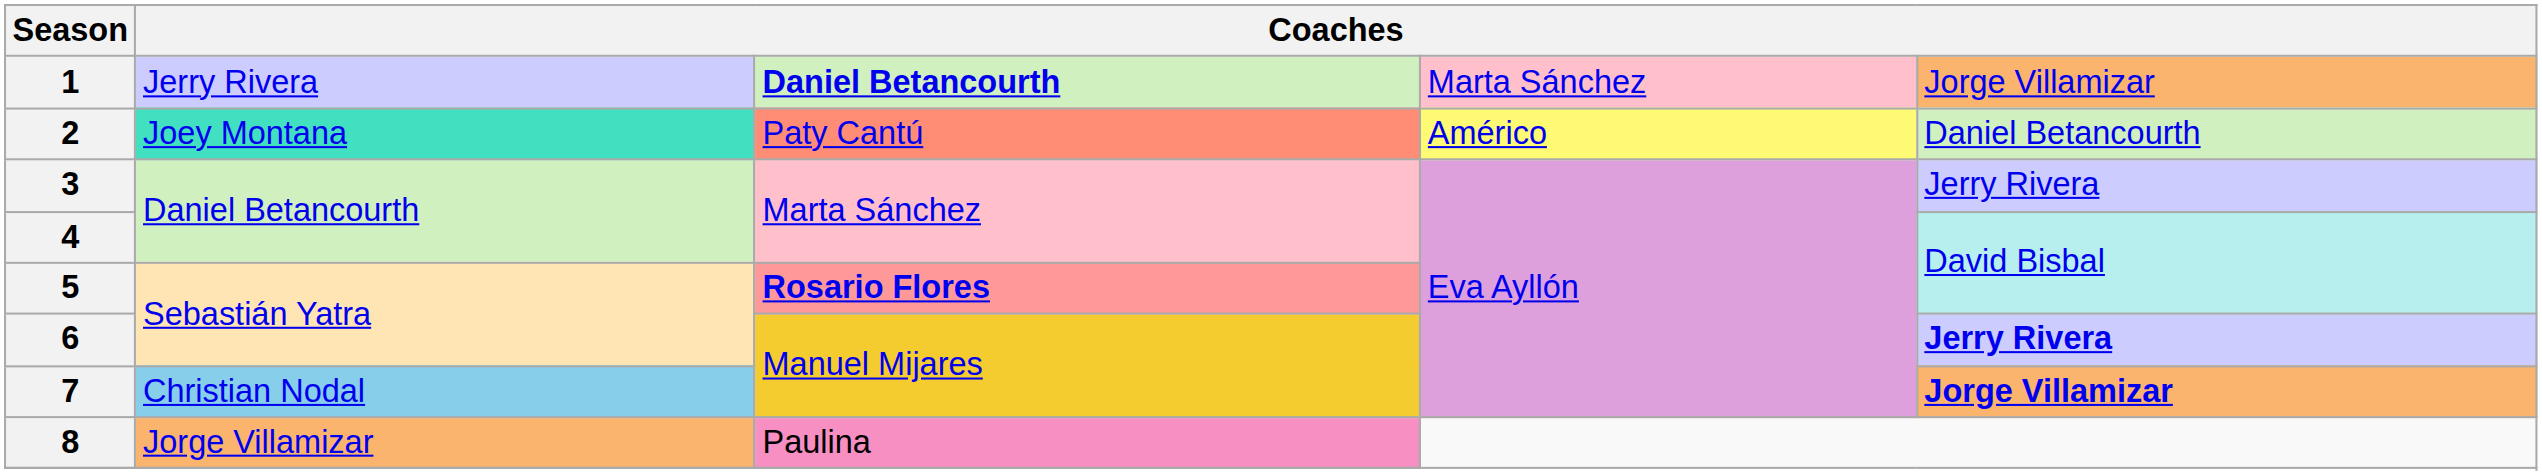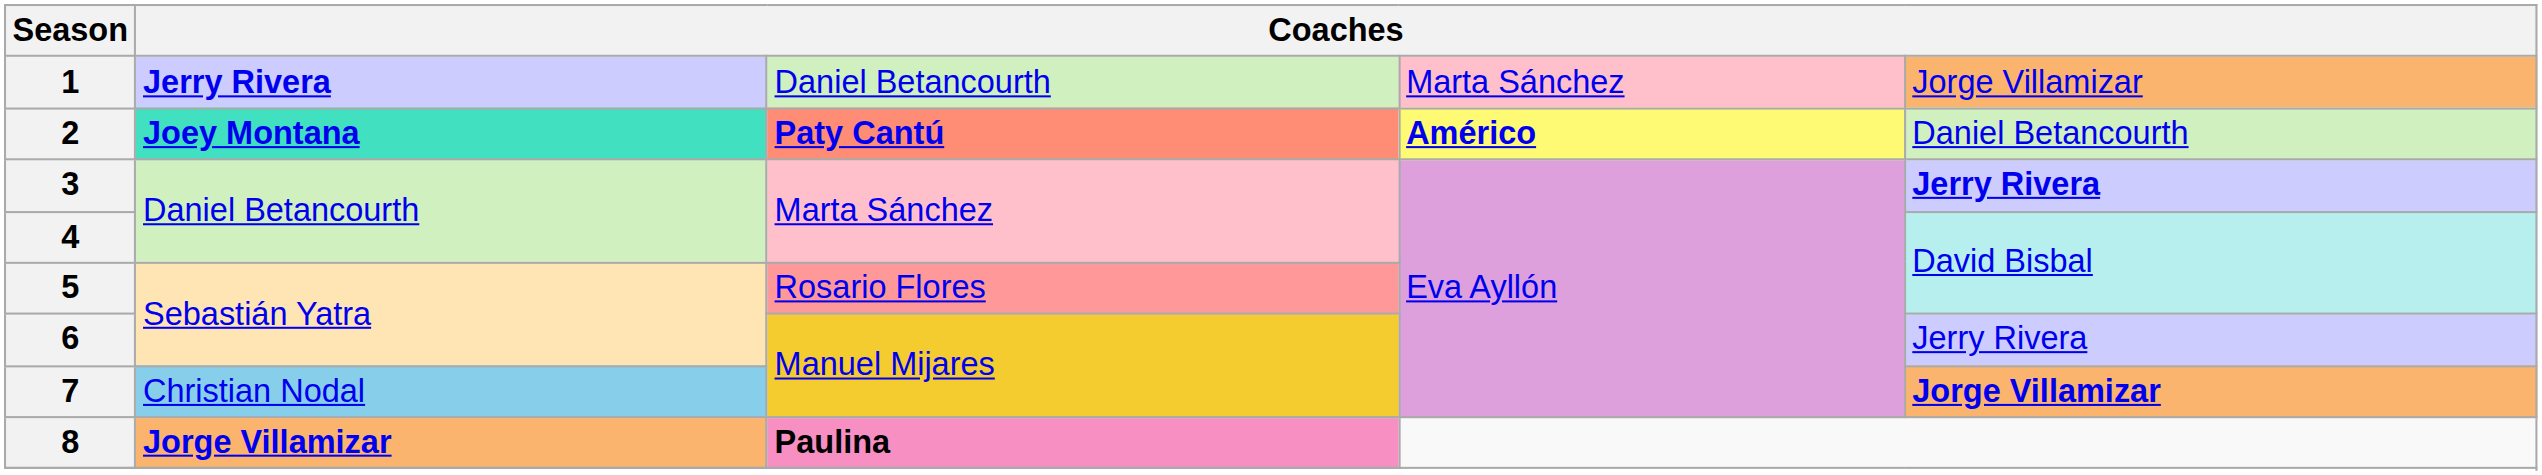 <table class="wikitable">
 <tr>
 <th width="05%">Season</th>
 <th colspan="4">Coaches</th>
 </tr>
 <tr>
 <th>1</th>
-<td style="background:#ccccff"><a href='#'>Jerry Rivera</a></td>
-<td style="background:#d0f0c0"><strong><a href='#'>Daniel Betancourth</a></strong></td>
+<td style="background:#ccccff"><strong><a href='#'>Jerry Rivera</a></strong></td>
+<td style="background:#d0f0c0"><a href='#'>Daniel Betancourth</a></td>
 <td style="background: pink"><a href='#'>Marta Sánchez</a></td>
 <td style="background:#fbb46e"><a href='#'>Jorge Villamizar</a></td>
 </tr>
 <tr>
 <th>2</th>
-<td style="background:#40e0c0"><a href='#'>Joey Montana</a></td>
-<td style="background:#ff8c75"><a href='#'>Paty Cantú</a></td>
-<td style="background:#fffa73"><a href='#'>Américo</a></td>
+<td style="background:#40e0c0"><strong><a href='#'>Joey Montana</a></strong></td>
+<td style="background:#ff8c75"><strong><a href='#'>Paty Cantú</a></strong></td>
+<td style="background:#fffa73"><strong><a href='#'>Américo</a></strong></td>
 <td style="background:#d0f0c0"><a href='#'>Daniel Betancourth</a></td>
 </tr>
 <tr>
 <th>3</th>
 <td rowspan="2" bgcolor="#d0f0c0"><a href='#'>Daniel Betancourth</a></td>
 <td rowspan="2" bgcolor="pink"><a href='#'>Marta Sánchez</a></td>
 <td rowspan="5" bgcolor="#dda0dd"><a href='#'>Eva Ayllón</a></td>
-<td style="background:#ccccff"><a href='#'>Jerry Rivera</a></td>
+<td style="background:#ccccff"><strong><a href='#'>Jerry Rivera</a></strong></td>
 </tr>
 <tr>
 <th>4</th>
 <td style="background:#b7efef" rowspan="2"><a href='#'>David Bisbal</a></td>
 </tr>
 <tr>
 <th>5</th>
 <td style="background:#ffe5b4" rowspan="2"><a href='#'>Sebastián Yatra</a></td>
-<td style="background:#ff9999"><strong><a href='#'>Rosario Flores</a></strong></td>
+<td style="background:#ff9999"><a href='#'>Rosario Flores</a></td>
 </tr>
 <tr>
 <th>6</th>
 <td style="background:#F4CC30" rowspan="2"><a href='#'>Manuel Mijares</a></td>
-<td style="background:#ccccff"><strong><a href='#'>Jerry Rivera</a></strong></td>
+<td style="background:#ccccff"><a href='#'>Jerry Rivera</a></td>
 </tr>
 <tr>
 <th>7</th>
 <td style="background:#87ceeb"><a href='#'>Christian Nodal</a></td>
 <td style="background:#fbb46e"><strong><a href='#'>Jorge Villamizar</a></strong></td>
 </tr>
 <tr>
 <th>8</th>
-<td style="background:#fbb46e"><a href='#'>Jorge Villamizar</a></td>
-<td style="background:#F78FC2">Paulina</td>
+<td style="background:#fbb46e"><strong><a href='#'>Jorge Villamizar</a></strong></td>
+<td style="background:#F78FC2"><strong>Paulina</strong></td>
 </tr>
 <tr>
 </tr>
 </table>
